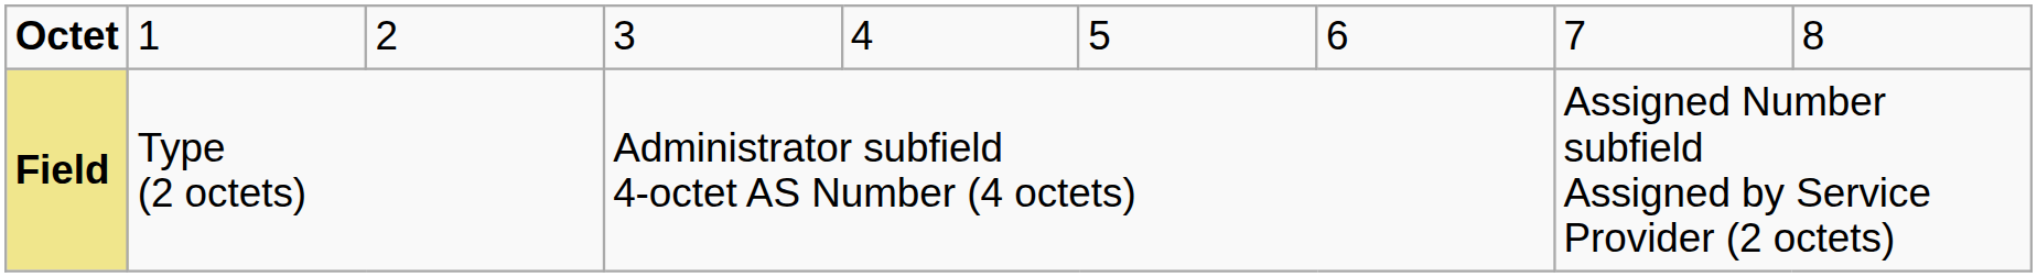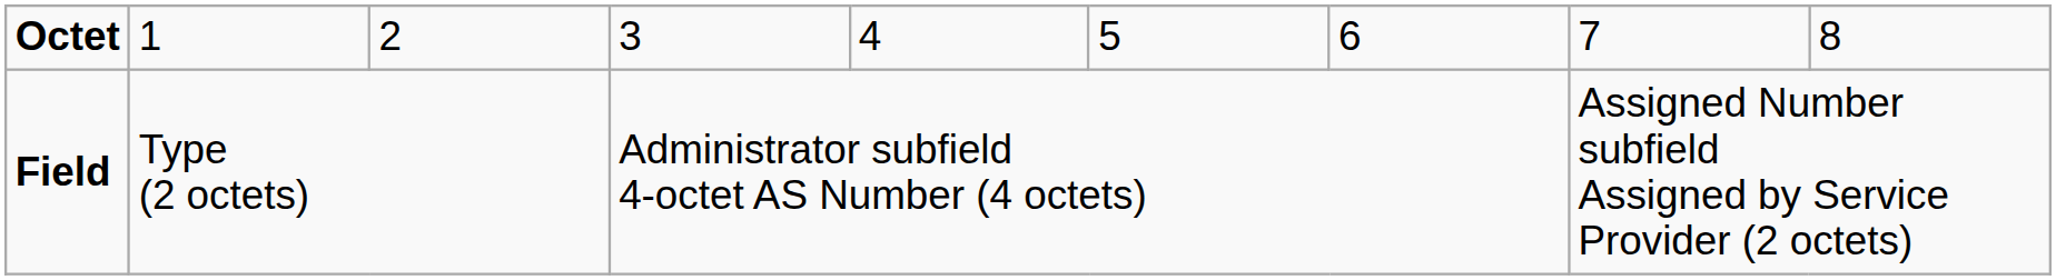 <table class="wikitable" style="width: 800px">
 <tr>
 <td><strong>Octet</strong></td>
 <td width=12%>1</td>
 <td width=12%>2</td>
 <td width=12%>3</td>
 <td width=12%>4</td>
 <td width=12%>5</td>
 <td width=12%>6</td>
 <td width=12%>7</td>
 <td width=12%>8</td>
 </tr>
 <tr>
-<td style="background: khaki;"><strong>Field</strong></td>
+<td><strong>Field</strong></td>
 <td colspan=2>Type<br>(2 octets)</td>
 <td colspan=4>Administrator subfield<br>4-octet AS Number (4 octets)</td>
 <td colspan=2>Assigned Number subfield<br>Assigned by Service Provider (2 octets)</td>
 </tr>
 </table>
